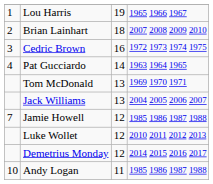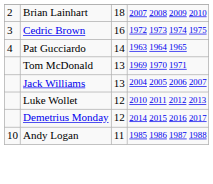 <table class="wikitable" style="display:inline-table;">
 <tr>
-</tr>
-<tr>
-<td>1</td>
-<td>Lou Harris</td>
-<td>19</td>
-<td style="font-size:80%;"><a href='#'>1965</a> <a href='#'>1966</a> <a href='#'>1967</a></td>
 </tr>
 <tr>
 <td>2</td>
 <td>Brian Lainhart</td>
 <td>18</td>
 <td style="font-size:80%;"><a href='#'>2007</a> <a href='#'>2008</a> <a href='#'>2009</a> <a href='#'>2010</a></td>
 </tr>
 <tr>
 <td>3</td>
 <td><a href='#'>Cedric Brown</a></td>
 <td>16</td>
 <td style="font-size:80%;"><a href='#'>1972</a> <a href='#'>1973</a> <a href='#'>1974</a> <a href='#'>1975</a></td>
 </tr>
 <tr>
 <td>4</td>
 <td>Pat Gucciardo</td>
 <td>14</td>
 <td style="font-size:80%;"><a href='#'>1963</a> <a href='#'>1964</a> <a href='#'>1965</a></td>
 </tr>
 <tr>
 <td></td>
 <td>Tom McDonald</td>
 <td>13</td>
 <td style="font-size:80%;"><a href='#'>1969</a> <a href='#'>1970</a> <a href='#'>1971</a></td>
 </tr>
 <tr>
 <td></td>
 <td><a href='#'>Jack Williams</a></td>
 <td>13</td>
 <td style="font-size:80%;"><a href='#'>2004</a> <a href='#'>2005</a> <a href='#'>2006</a> <a href='#'>2007</a></td>
 </tr>
 <tr>
-<td>7</td>
-<td>Jamie Howell</td>
-<td>12</td>
-<td style="font-size:80%;"><a href='#'>1985</a> <a href='#'>1986</a> <a href='#'>1987</a> <a href='#'>1988</a></td>
-</tr>
-<tr>
 <td></td>
 <td>Luke Wollet</td>
 <td>12</td>
 <td style="font-size:80%;"><a href='#'>2010</a> <a href='#'>2011</a> <a href='#'>2012</a> <a href='#'>2013</a></td>
 </tr>
 <tr>
 <td></td>
 <td><a href='#'>Demetrius Monday</a></td>
 <td>12</td>
 <td style="font-size:80%;"><a href='#'>2014</a> <a href='#'>2015</a> <a href='#'>2016</a> <a href='#'>2017</a></td>
 </tr>
 <tr>
 <td>10</td>
 <td>Andy Logan</td>
 <td>11</td>
 <td style="font-size:80%;"><a href='#'>1985</a> <a href='#'>1986</a> <a href='#'>1987</a> <a href='#'>1988</a></td>
 </tr>
 </table>
